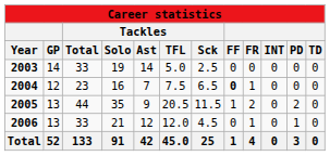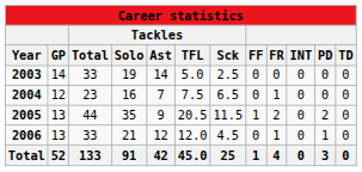 <table class="wikitable">
 <tr bgcolor="#EC151B">
 <td colspan="12" align="center"><span><strong>Career statistics</strong></span></td>
 </tr>
 <tr>
 <th colspan="2" align="center"></th>
 <th colspan="5" align="center"><strong>Tackles</strong></th>
 <th colspan="5" align="center"></th>
 </tr>
 <tr align="center">
 <th>Year</th>
 <th>GP</th>
 <th>Total</th>
 <th>Solo</th>
 <th>Ast</th>
 <th>TFL</th>
 <th>Sck</th>
 <th>FF</th>
 <th>FR</th>
 <th>INT</th>
 <th>PD</th>
 <th>TD</th>
 </tr>
 <tr align="center">
 <td><strong>2003</strong></td>
 <td>14</td>
 <td>33</td>
 <td>19</td>
 <td>14</td>
 <td>5.0</td>
 <td>2.5</td>
 <td>0</td>
 <td>0</td>
 <td>0</td>
 <td>0</td>
 <td>0</td>
 </tr>
 <tr align="center">
 <td><strong>2004</strong></td>
 <td>12</td>
 <td>23</td>
 <td>16</td>
 <td>7</td>
 <td>7.5</td>
 <td>6.5</td>
-<td><strong>0</strong></td>
+<td>0</td>
 <td>1</td>
 <td>0</td>
 <td>0</td>
 <td>0</td>
 </tr>
 <tr align="center">
 <td><strong>2005</strong></td>
 <td>13</td>
 <td>44</td>
 <td>35</td>
 <td>9</td>
 <td>20.5</td>
 <td>11.5</td>
 <td>1</td>
 <td>2</td>
 <td>0</td>
 <td>2</td>
 <td>0</td>
 </tr>
 <tr align="center">
 <td><strong>2006</strong></td>
 <td>13</td>
 <td>33</td>
 <td>21</td>
 <td>12</td>
 <td>12.0</td>
 <td>4.5</td>
 <td>0</td>
 <td>1</td>
 <td>0</td>
 <td>1</td>
 <td>0</td>
 </tr>
 <tr align="center">
 <th><strong>Total</strong></th>
 <th>52</th>
 <th>133</th>
 <th>91</th>
 <th>42</th>
 <th>45.0</th>
 <th>25</th>
 <th>1</th>
 <th>4</th>
 <th>0</th>
 <th>3</th>
 <th>0</th>
 </tr>
 </table>
